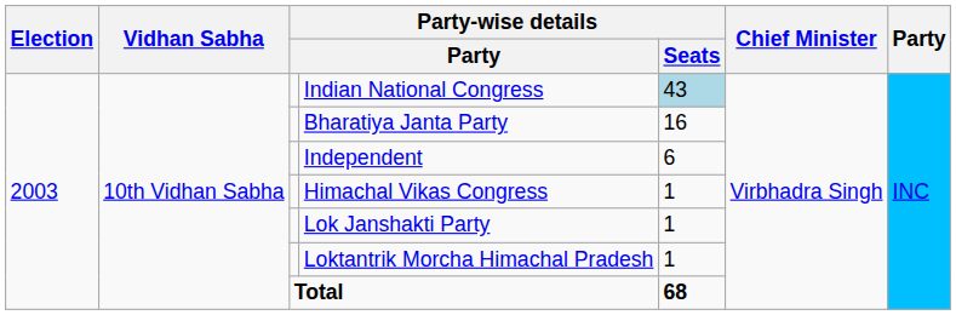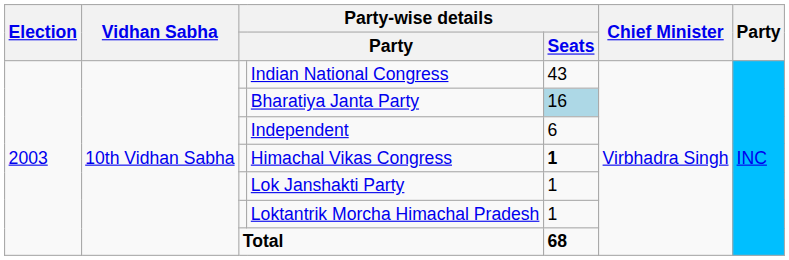 <table class="wikitable sortable">
 <tr>
 <th rowspan="2"><a href='#'>Election</a></th>
 <th rowspan="2"><a href='#'>Vidhan Sabha</a></th>
 <th colspan="3">Party-wise details</th>
 <th rowspan="2"><a href='#'>Chief Minister</a></th>
 <th rowspan="2">Party</th>
 </tr>
 <tr>
 <th colspan="2">Party</th>
 <th><a href='#'>Seats</a></th>
 </tr>
 <tr>
 <td rowspan="7"><a href='#'>2003</a></td>
 <td rowspan="7"><a href='#'>10th Vidhan Sabha</a></td>
 <td style="background-color: "></td>
 <td><a href='#'>Indian National Congress</a></td>
-<td style="background: lightblue;">43</td>
+<td>43</td>
 <td rowspan="7"><a href='#'>Virbhadra Singh</a></td>
 <td rowspan="7" bgcolor="#00BFFF"><a href='#'>INC</a></td>
 </tr>
 <tr>
 <td style="background-color: "></td>
 <td><a href='#'>Bharatiya Janta Party</a></td>
-<td>16</td>
+<td style="background: lightblue;">16</td>
 </tr>
 <tr>
 <td style="background-color: "></td>
 <td><a href='#'>Independent</a></td>
 <td>6</td>
 </tr>
 <tr>
 <td style="background-color: "></td>
 <td><a href='#'>Himachal Vikas Congress</a></td>
-<td>1</td>
+<td><strong>1</strong></td>
 </tr>
 <tr>
 <td style="background-color: "></td>
 <td><a href='#'>Lok Janshakti Party</a></td>
 <td>1</td>
 </tr>
 <tr>
 <td style="background-color: "></td>
 <td><a href='#'>Loktantrik Morcha Himachal Pradesh</a></td>
 <td>1</td>
 </tr>
 <tr>
 <td colspan="2"><strong>Total</strong></td>
 <td><strong>68</strong></td>
 </tr>
 </table>
